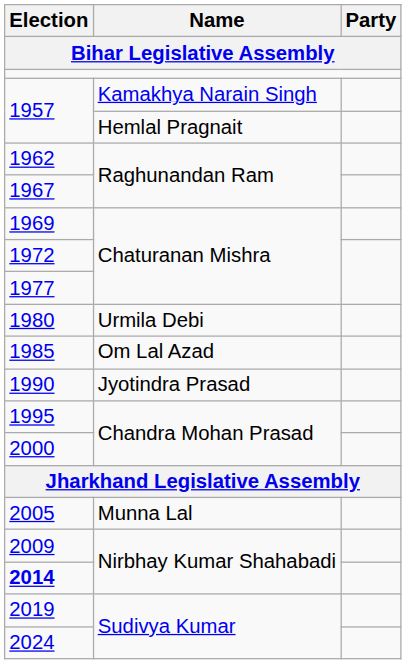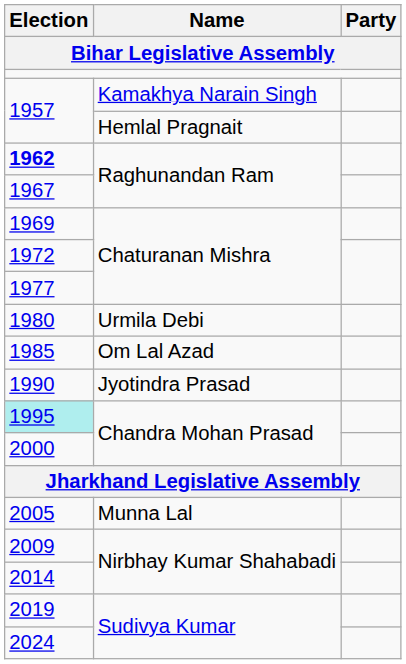 <table class="wikitable sortable">
 <tr>
 <th>Election</th>
 <th>Name</th>
 <th colspan=2>Party</th>
 </tr>
 <tr>
 <th colspan=4><a href='#'>Bihar Legislative Assembly</a></th>
 </tr>
 <tr>
 <td colspan="4"></td>
 </tr>
 <tr>
 <td rowspan="2"><a href='#'>1957</a></td>
 <td><a href='#'>Kamakhya Narain Singh</a></td>
 <td></td>
 </tr>
 <tr>
 <td>Hemlal Pragnait</td>
 </tr>
 <tr>
-<td><a href='#'>1962</a></td>
+<td><strong><a href='#'>1962</a></strong></td>
 <td rowspan="2">Raghunandan Ram</td>
 <td></td>
 </tr>
 <tr>
 <td><a href='#'>1967</a></td>
 </tr>
 <tr>
 <td><a href='#'>1969</a></td>
 <td rowspan="3">Chaturanan Mishra</td>
 <td></td>
 </tr>
 <tr>
 <td><a href='#'>1972</a></td>
 </tr>
 <tr>
 <td><a href='#'>1977</a></td>
 </tr>
 <tr>
 <td><a href='#'>1980</a></td>
 <td>Urmila Debi</td>
 <td></td>
 </tr>
 <tr>
 <td><a href='#'>1985</a></td>
 <td>Om Lal Azad</td>
 <td></td>
 </tr>
 <tr>
 <td><a href='#'>1990</a></td>
 <td>Jyotindra Prasad</td>
 <td></td>
 </tr>
 <tr>
-<td><a href='#'>1995</a></td>
+<td style="background: paleturquoise;"><a href='#'>1995</a></td>
 <td rowspan="2">Chandra Mohan Prasad</td>
 <td></td>
 </tr>
 <tr>
 <td><a href='#'>2000</a></td>
 </tr>
 <tr>
 <th colspan=4><a href='#'>Jharkhand Legislative Assembly</a></th>
 </tr>
 <tr>
 <td><a href='#'>2005</a></td>
 <td>Munna Lal</td>
 <td></td>
 </tr>
 <tr>
 <td><a href='#'>2009</a></td>
 <td rowspan=2>Nirbhay Kumar Shahabadi</td>
 <td></td>
 </tr>
 <tr>
-<td><strong><a href='#'>2014</a></strong></td>
+<td><a href='#'>2014</a></td>
 <td></td>
 </tr>
 <tr>
 <td><a href='#'>2019</a></td>
 <td rowspan=2><a href='#'>Sudivya Kumar</a></td>
 <td></td>
 </tr>
 <tr>
 <td><a href='#'>2024</a></td>
 </tr>
 </table>
